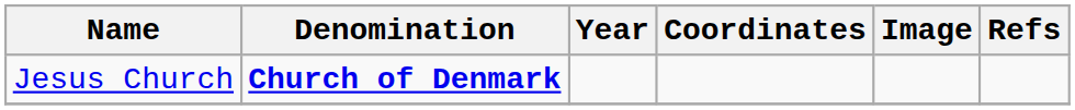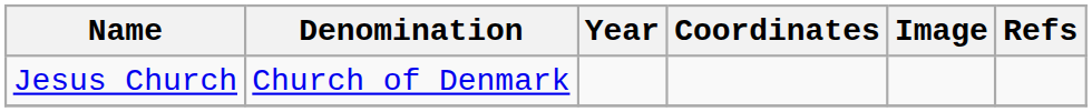 <table class="wikitable sortable">
 <tr>
 <th>Name</th>
 <th>Denomination</th>
 <th>Year</th>
 <th>Coordinates</th>
 <th>Image</th>
 <th>Refs</th>
 </tr>
 <tr>
 <td><a href='#'>Jesus Church</a></td>
-<td><strong><a href='#'>Church of Denmark</a></strong></td>
+<td><a href='#'>Church of Denmark</a></td>
 <td></td>
 <td></td>
 <td></td>
 <td></td>
 </tr>
 <tr>
 </tr>
 </table>
